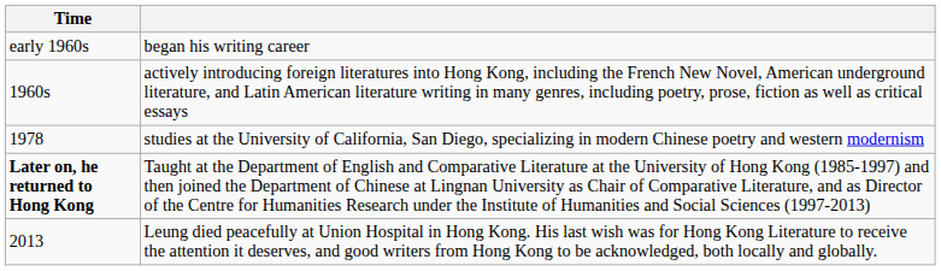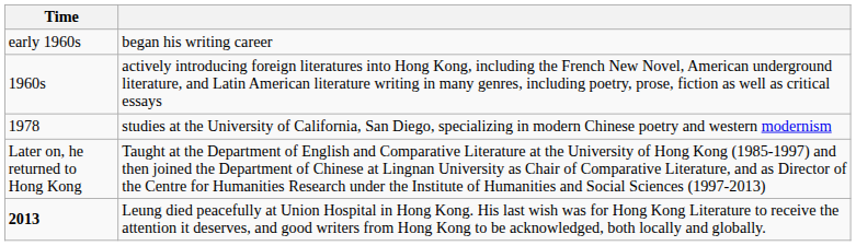 <table class="wikitable">
 <tr>
 <th>Time</th>
 <th></th>
 </tr>
 <tr>
 <td>early 1960s</td>
 <td>began his writing career</td>
 </tr>
 <tr>
 <td>1960s</td>
 <td>actively introducing foreign literatures into Hong Kong, including the French New Novel, American underground literature, and Latin American literature writing in many genres, including poetry, prose, fiction as well as critical essays</td>
 </tr>
 <tr>
 <td>1978</td>
 <td>studies at the University of California, San Diego, specializing in modern Chinese poetry and western <a href='#'>modernism</a></td>
 </tr>
 <tr>
-<td><strong>Later on, he returned to Hong Kong</strong></td>
+<td>Later on, he returned to Hong Kong</td>
 <td>Taught at the Department of English and Comparative Literature at the University of Hong Kong (1985-1997) and then joined the Department of Chinese at Lingnan University as Chair of Comparative Literature, and as Director of the Centre for Humanities Research under the Institute of Humanities and Social Sciences (1997-2013)</td>
 </tr>
 <tr>
-<td>2013</td>
+<td><strong>2013</strong></td>
 <td>Leung died peacefully at Union Hospital in Hong Kong. His last wish was for Hong Kong Literature to receive the attention it deserves, and good writers from Hong Kong to be acknowledged, both locally and globally.</td>
 </tr>
 </table>
